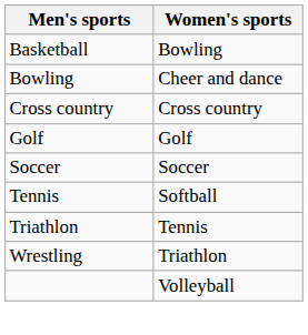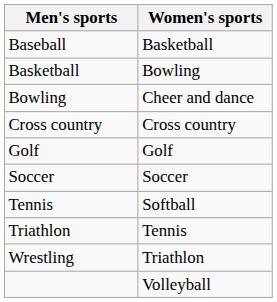 <table class="wikitable">
 <tr>
 <th width=120px>Men's sports</th>
 <th width=120px>Women's sports</th>
+</tr>
+<tr>
+<td>Baseball</td>
+<td>Basketball</td>
 </tr>
 <tr>
 <td>Basketball</td>
 <td>Bowling</td>
 </tr>
 <tr>
 <td>Bowling</td>
 <td>Cheer and dance</td>
 </tr>
 <tr>
 <td>Cross country</td>
 <td>Cross country</td>
 </tr>
 <tr>
 <td>Golf</td>
 <td>Golf</td>
 </tr>
 <tr>
 <td>Soccer</td>
 <td>Soccer</td>
 </tr>
 <tr>
 <td>Tennis</td>
 <td>Softball</td>
 </tr>
 <tr>
 <td>Triathlon</td>
 <td>Tennis</td>
 </tr>
 <tr>
 <td>Wrestling</td>
 <td>Triathlon</td>
 </tr>
 <tr>
 <td></td>
 <td>Volleyball</td>
 </tr>
 </table>
